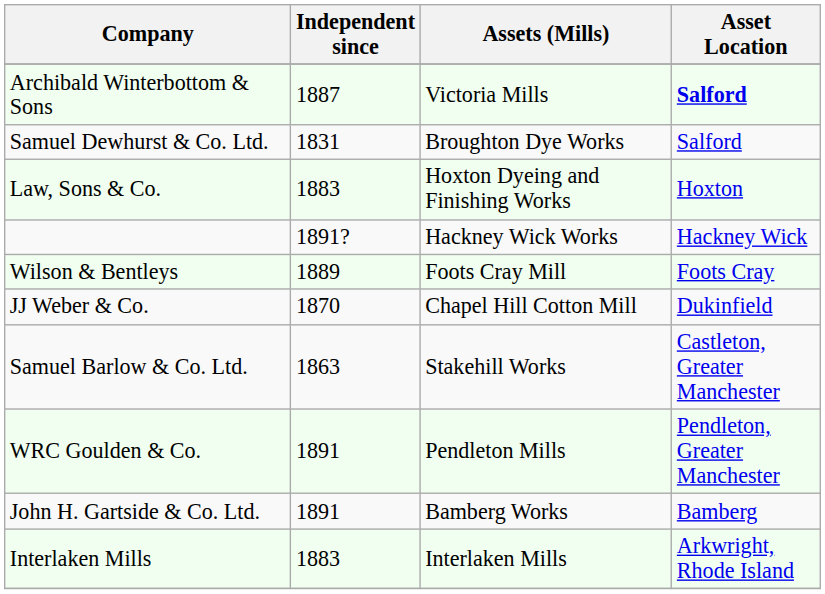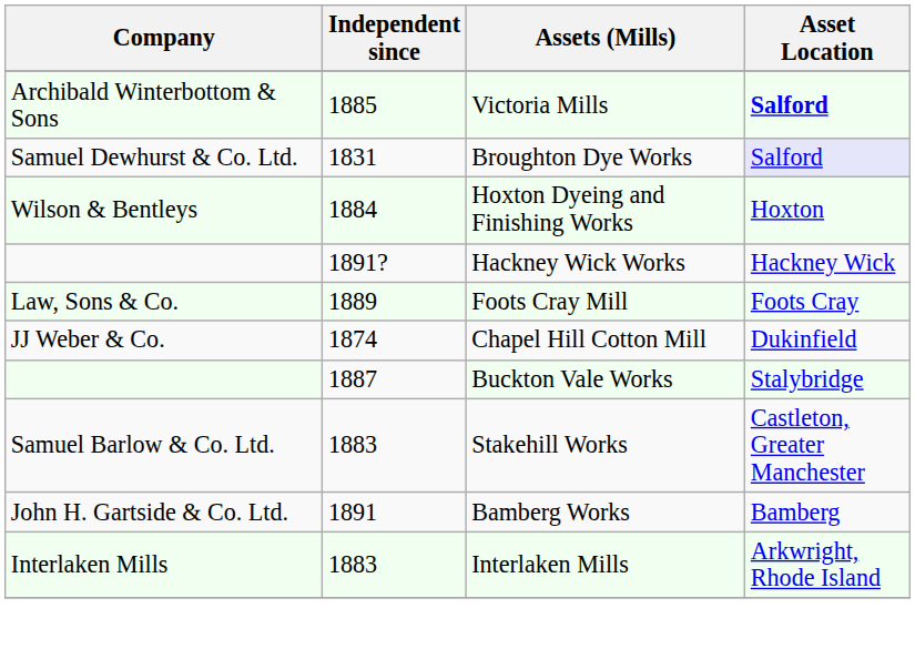 <table class="wikitable">
 <tr>
 <th scope="col" style="width: 200px;">Company</th>
 <th scope="col" style="width: 75px;">Independent since</th>
 <th scope="col" style="width: 175px;">Assets (Mills)</th>
 <th scope="col" style="width: 100px;">Asset Location</th>
 </tr>
 <tr>
 </tr>
 <tr>
 <td style='background: #f0fff0;'>Archibald Winterbottom & Sons</td>
-<td style='background: #f0fff0;'>1887</td>
+<td style='background: #f0fff0;'>1885</td>
 <td style='background: #f0fff0;'>Victoria Mills</td>
 <td style='background: #f0fff0;'><strong><a href='#'>Salford</a></strong></td>
 </tr>
 <tr>
 <td>Samuel Dewhurst & Co. Ltd.</td>
 <td>1831</td>
 <td>Broughton Dye Works</td>
-<td><a href='#'>Salford</a></td>
+<td style="background: lavender;"><a href='#'>Salford</a></td>
 </tr>
 <tr>
-<td style='background: #f0fff0;'>Law, Sons & Co.</td>
-<td style='background: #f0fff0;'>1883</td>
+<td style='background: #f0fff0;'>Wilson & Bentleys</td>
+<td style='background: #f0fff0;'>1884</td>
 <td style='background: #f0fff0;'>Hoxton Dyeing and Finishing Works</td>
 <td style='background: #f0fff0;'><a href='#'>Hoxton</a></td>
 </tr>
 <tr>
 <td></td>
 <td>1891?</td>
 <td>Hackney Wick Works</td>
 <td><a href='#'>Hackney Wick</a></td>
 </tr>
 <tr>
-<td style='background: #f0fff0;'>Wilson & Bentleys</td>
+<td style='background: #f0fff0;'>Law, Sons & Co.</td>
 <td style='background: #f0fff0;'>1889</td>
 <td style='background: #f0fff0;'>Foots Cray Mill</td>
 <td style='background: #f0fff0;'><a href='#'>Foots Cray</a></td>
 </tr>
 <tr>
 <td>JJ Weber & Co.</td>
-<td>1870</td>
+<td>1874</td>
 <td>Chapel Hill Cotton Mill</td>
 <td><a href='#'>Dukinfield</a></td>
 </tr>
 <tr>
+<td style='background: #f0fff0;'></td>
+<td style='xbackground: #f0fff0;'>1887</td>
+<td style='background: #f0fff0;'>Buckton Vale Works</td>
+<td style='background: #f0fff0;'><a href='#'>Stalybridge</a></td>
+</tr>
+<tr>
 <td>Samuel Barlow & Co. Ltd.</td>
-<td>1863</td>
+<td>1883</td>
 <td>Stakehill Works</td>
 <td><a href='#'>Castleton, Greater Manchester</a></td>
-</tr>
-<tr>
-<td style='background: #f0fff0;'>WRC Goulden & Co.</td>
-<td style='background: #f0fff0;'>1891</td>
-<td style='background: #f0fff0;'>Pendleton Mills</td>
-<td style='background: #f0fff0;'><a href='#'>Pendleton, Greater Manchester</a></td>
 </tr>
 <tr>
 <td>John H. Gartside & Co. Ltd.</td>
 <td>1891</td>
 <td>Bamberg Works</td>
 <td><a href='#'>Bamberg</a></td>
 </tr>
 <tr>
 <td style='background: #f0fff0;'>Interlaken Mills</td>
 <td style='background: #f0fff0;'>1883</td>
 <td style='background: #f0fff0;'>Interlaken Mills</td>
 <td style='background: #f0fff0;'><a href='#'>Arkwright, Rhode Island</a></td>
 </tr>
 <tr>
 </tr>
 </table>
